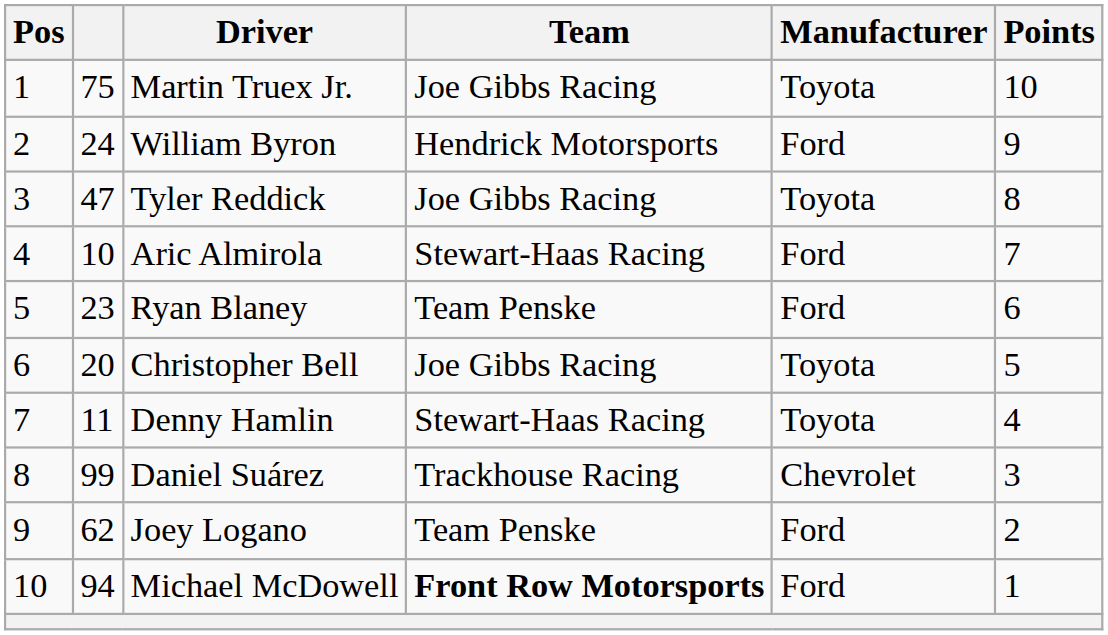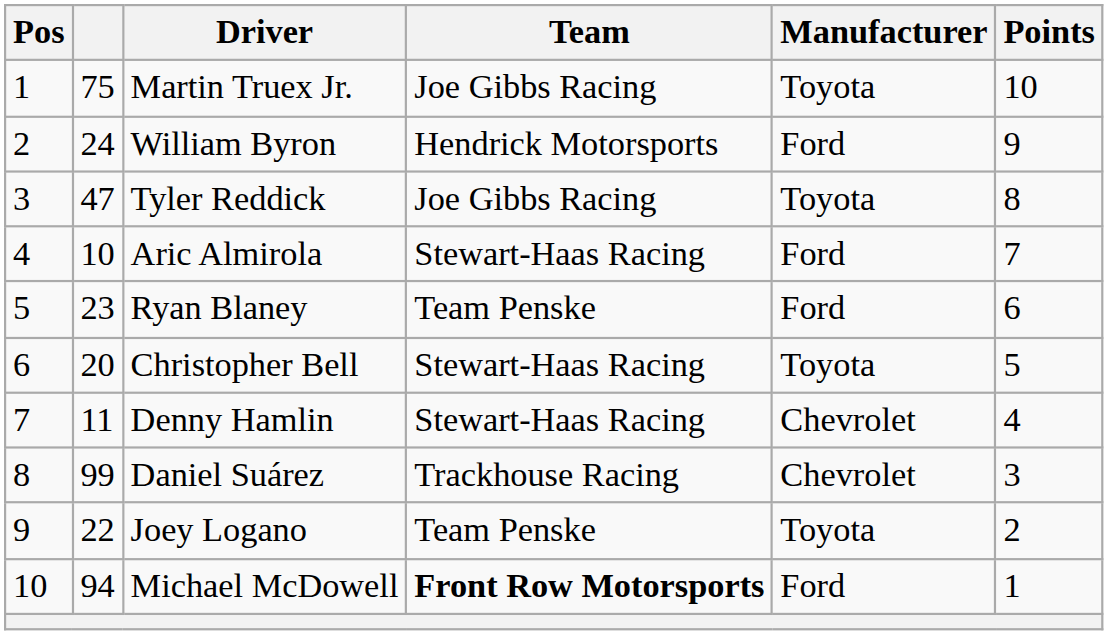 <table class="wikitable" style="font-size:98%">
 <tr>
 <th>Pos</th>
 <th></th>
 <th>Driver</th>
 <th>Team</th>
 <th>Manufacturer</th>
 <th>Points</th>
 </tr>
 <tr>
 <td>1</td>
 <td>75</td>
 <td>Martin Truex Jr.</td>
 <td>Joe Gibbs Racing</td>
 <td>Toyota</td>
 <td>10</td>
 </tr>
 <tr>
 <td>2</td>
 <td>24</td>
 <td>William Byron</td>
 <td>Hendrick Motorsports</td>
 <td>Ford</td>
 <td>9</td>
 </tr>
 <tr>
 <td>3</td>
 <td>47</td>
 <td>Tyler Reddick</td>
 <td>Joe Gibbs Racing</td>
 <td>Toyota</td>
 <td>8</td>
 </tr>
 <tr>
 <td>4</td>
 <td>10</td>
 <td>Aric Almirola</td>
 <td>Stewart-Haas Racing</td>
 <td>Ford</td>
 <td>7</td>
 </tr>
 <tr>
 <td>5</td>
 <td>23</td>
 <td>Ryan Blaney</td>
 <td>Team Penske</td>
 <td>Ford</td>
 <td>6</td>
 </tr>
 <tr>
 <td>6</td>
 <td>20</td>
 <td>Christopher Bell</td>
-<td>Joe Gibbs Racing</td>
+<td>Stewart-Haas Racing</td>
 <td>Toyota</td>
 <td>5</td>
 </tr>
 <tr>
 <td>7</td>
 <td>11</td>
 <td>Denny Hamlin</td>
 <td>Stewart-Haas Racing</td>
-<td>Toyota</td>
+<td>Chevrolet</td>
 <td>4</td>
 </tr>
 <tr>
 <td>8</td>
 <td>99</td>
 <td>Daniel Suárez</td>
 <td>Trackhouse Racing</td>
 <td>Chevrolet</td>
 <td>3</td>
 </tr>
 <tr>
 <td>9</td>
-<td>62</td>
+<td>22</td>
 <td>Joey Logano</td>
 <td>Team Penske</td>
-<td>Ford</td>
+<td>Toyota</td>
 <td>2</td>
 </tr>
 <tr>
 <td>10</td>
 <td>94</td>
 <td>Michael McDowell</td>
 <td><strong>Front Row Motorsports</strong></td>
 <td>Ford</td>
 <td>1</td>
 </tr>
 <tr>
 <th colspan="6"></th>
 </tr>
 </table>
